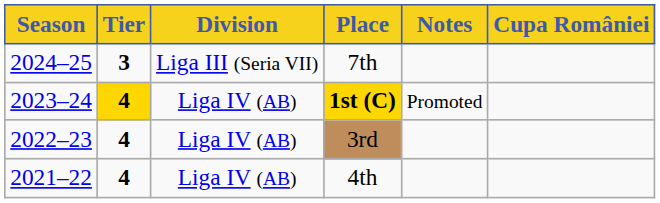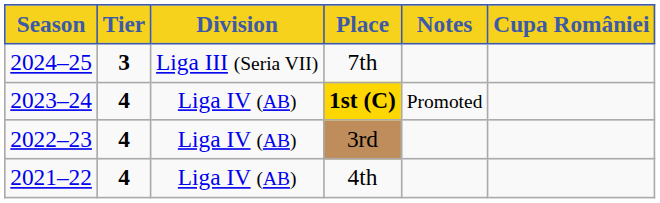 <table class="wikitable" style="text-align:center; font-size:90%">
 <tr>
 <th style="background:#f6d21c;color:#3d5aa8;border:1px solid #3d5aa8;">Season</th>
 <th style="background:#f6d21c;color:#3d5aa8;border:1px solid #3d5aa8;">Tier</th>
 <th style="background:#f6d21c;color:#3d5aa8;border:1px solid #3d5aa8;">Division</th>
 <th style="background:#f6d21c;color:#3d5aa8;border:1px solid #3d5aa8;">Place</th>
 <th style="background:#f6d21c;color:#3d5aa8;border:1px solid #3d5aa8;">Notes</th>
 <th style="background:#f6d21c;color:#3d5aa8;border:1px solid #3d5aa8;">Cupa României</th>
 </tr>
 <tr>
 <td><a href='#'>2024–25</a></td>
 <td><strong>3</strong></td>
 <td><a href='#'>Liga III</a> <small>(Seria VII)</small></td>
 <td>7th</td>
 <td></td>
 </tr>
 <tr>
 <td><a href='#'>2023–24</a></td>
-<td style="background: gold;"><strong>4</strong></td>
+<td><strong>4</strong></td>
 <td><a href='#'>Liga IV</a> <small>(<a href='#'>AB</a>)</small></td>
 <td align=center bgcolor=gold><strong>1st</strong> <strong>(C)</strong></td>
 <td><small>Promoted</small></td>
 <td></td>
 </tr>
 <tr>
 <td><a href='#'>2022–23</a></td>
 <td><strong>4</strong></td>
 <td><a href='#'>Liga IV</a> <small>(<a href='#'>AB</a>)</small></td>
 <td align=center bgcolor=#BF8D5B>3rd</td>
 <td></td>
 <td></td>
 </tr>
 <tr>
 <td><a href='#'>2021–22</a></td>
 <td><strong>4</strong></td>
 <td><a href='#'>Liga IV</a> <small>(<a href='#'>AB</a>)</small></td>
 <td>4th</td>
 <td></td>
 <td></td>
 </tr>
 </table>
